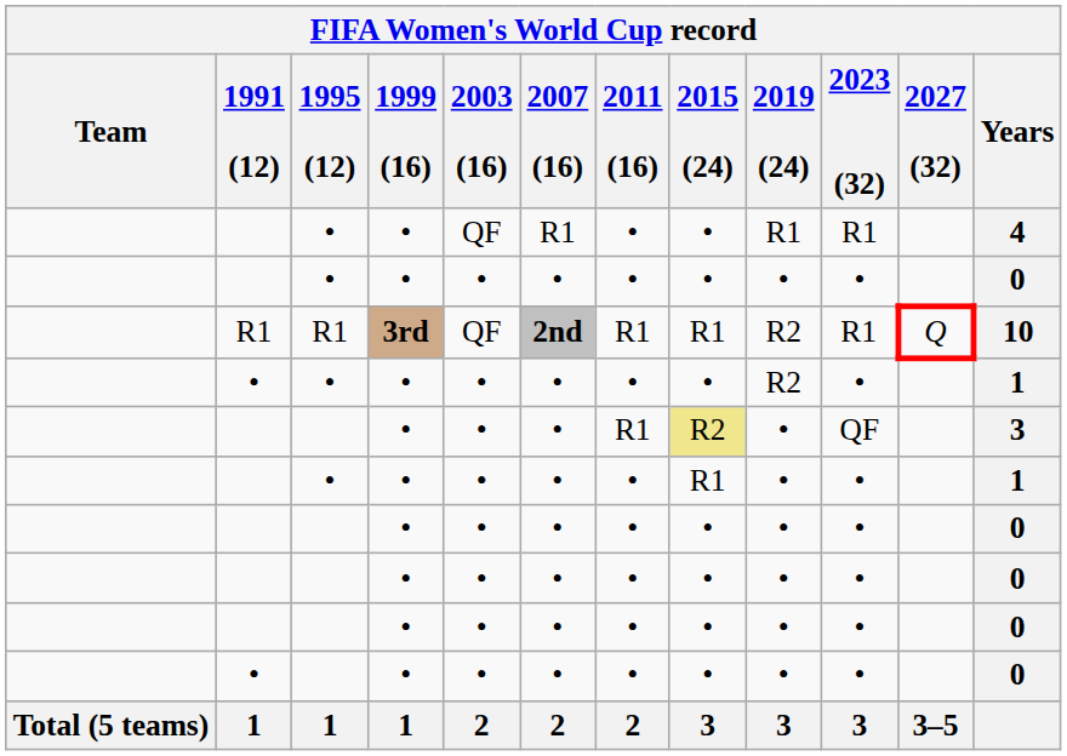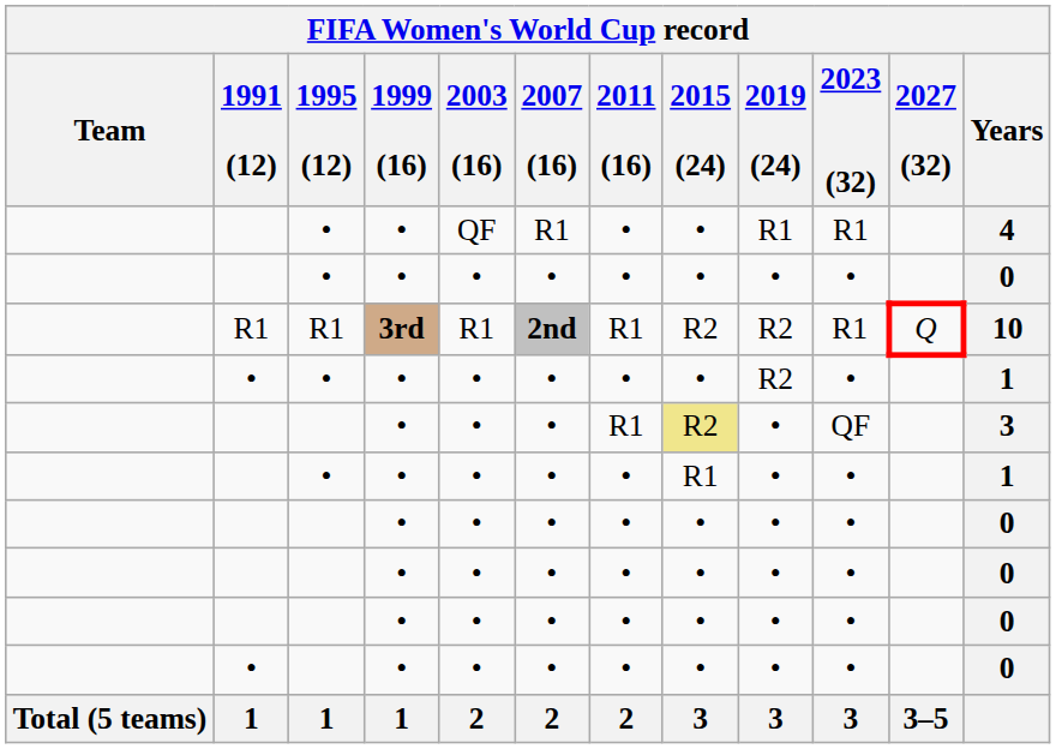 <table class="wikitable" style="text-align:center">
 <tr>
 <th colspan=12><a href='#'>FIFA Women's World Cup</a> record</th>
 </tr>
 <tr>
 <th>Team</th>
 <th><a href='#'>1991</a><br><br>(12)</th>
 <th><a href='#'>1995</a><br><br>(12)</th>
 <th><a href='#'>1999</a><br><br>(16)</th>
 <th><a href='#'>2003</a><br><br>(16)</th>
 <th><a href='#'>2007</a><br><br>(16)</th>
 <th><a href='#'>2011</a><br><br>(16)</th>
 <th><a href='#'>2015</a> <br><br>(24)</th>
 <th><a href='#'>2019</a><br><br>(24)</th>
 <th><a href='#'>2023</a><br><br><br>(32)</th>
 <th><a href='#'>2027</a><br><br>(32)</th>
 <th>Years</th>
 </tr>
 <tr>
 <td align=left></td>
 <td></td>
 <td>•</td>
 <td>•</td>
 <td>QF</td>
 <td>R1</td>
 <td>•</td>
 <td>•</td>
 <td>R1</td>
 <td>R1</td>
 <td></td>
 <th>4</th>
 </tr>
 <tr>
 <td align=left></td>
 <td></td>
 <td>•</td>
 <td>•</td>
 <td>•</td>
 <td>•</td>
 <td>•</td>
 <td>•</td>
 <td>•</td>
 <td>•</td>
 <td></td>
 <th>0</th>
 </tr>
 <tr>
 <td align=left></td>
 <td>R1</td>
 <td>R1</td>
 <td bgcolor="#CFAA88"><strong>3rd</strong></td>
-<td>QF</td>
+<td>R1</td>
 <td bgcolor="silver"><strong>2nd</strong></td>
 <td>R1</td>
-<td>R1</td>
+<td>R2</td>
 <td>R2</td>
 <td>R1</td>
 <td style="border: 3px solid red"><em>Q</em></td>
 <th>10</th>
 </tr>
 <tr>
 <td align=left></td>
 <td>•</td>
 <td>•</td>
 <td>•</td>
 <td>•</td>
 <td>•</td>
 <td>•</td>
 <td>•</td>
 <td>R2</td>
 <td>•</td>
 <td></td>
 <th>1</th>
 </tr>
 <tr>
 <td align=left></td>
 <td></td>
 <td></td>
 <td>•</td>
 <td>•</td>
 <td>•</td>
 <td>R1</td>
 <td style="background: khaki;">R2</td>
 <td>•</td>
 <td>QF</td>
 <td></td>
 <th>3</th>
 </tr>
 <tr>
 <td align=left></td>
 <td></td>
 <td>•</td>
 <td>•</td>
 <td>•</td>
 <td>•</td>
 <td>•</td>
 <td>R1</td>
 <td>•</td>
 <td>•</td>
 <td></td>
 <th>1</th>
 </tr>
 <tr>
 <td align=left></td>
 <td></td>
 <td></td>
 <td>•</td>
 <td>•</td>
 <td>•</td>
 <td>•</td>
 <td>•</td>
 <td>•</td>
 <td>•</td>
 <td></td>
 <th>0</th>
 </tr>
 <tr>
 <td align=left></td>
 <td></td>
 <td></td>
 <td>•</td>
 <td>•</td>
 <td>•</td>
 <td>•</td>
 <td>•</td>
 <td>•</td>
 <td>•</td>
 <td></td>
 <th>0</th>
 </tr>
 <tr>
 <td align=left></td>
 <td></td>
 <td></td>
 <td>•</td>
 <td>•</td>
 <td>•</td>
 <td>•</td>
 <td>•</td>
 <td>•</td>
 <td>•</td>
 <td></td>
 <th>0</th>
 </tr>
 <tr>
 <td align=left></td>
 <td>•</td>
 <td></td>
 <td>•</td>
 <td>•</td>
 <td>•</td>
 <td>•</td>
 <td>•</td>
 <td>•</td>
 <td>•</td>
 <td></td>
 <th>0</th>
 </tr>
 <tr>
 <th>Total (5 teams)</th>
 <th>1</th>
 <th>1</th>
 <th>1</th>
 <th>2</th>
 <th>2</th>
 <th>2</th>
 <th>3</th>
 <th>3</th>
 <th>3</th>
 <th>3–5</th>
 <th></th>
 </tr>
 </table>
